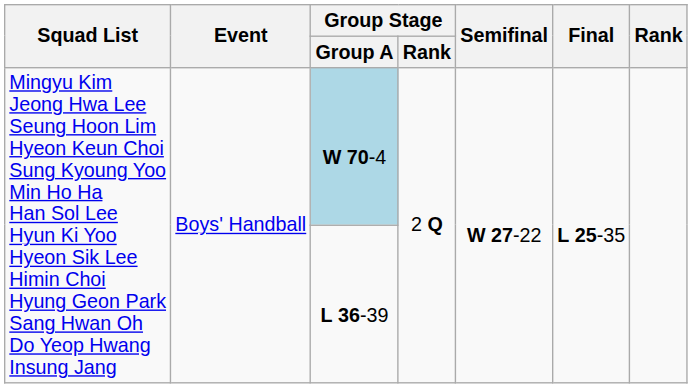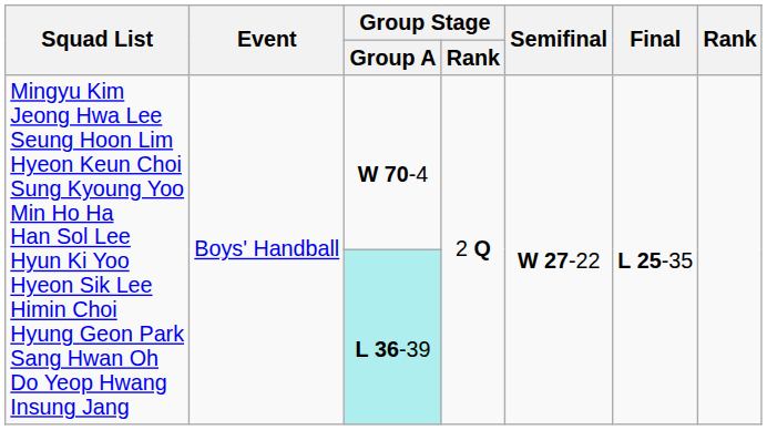 <table class=wikitable style="font-size:90%">
 <tr>
 <th rowspan=2>Squad List</th>
 <th rowspan=2>Event</th>
 <th colspan=2>Group Stage</th>
 <th rowspan=2>Semifinal</th>
 <th rowspan=2>Final</th>
 <th rowspan=2>Rank</th>
 </tr>
 <tr>
 <th>Group A</th>
 <th>Rank</th>
 </tr>
 <tr>
 <td rowspan=2><a href='#'>Mingyu Kim</a><br><a href='#'>Jeong Hwa Lee</a><br><a href='#'>Seung Hoon Lim</a><br><a href='#'>Hyeon Keun Choi</a><br><a href='#'>Sung Kyoung Yoo</a><br><a href='#'>Min Ho Ha</a><br><a href='#'>Han Sol Lee</a><br><a href='#'>Hyun Ki Yoo</a><br><a href='#'>Hyeon Sik Lee</a><br><a href='#'>Himin Choi</a><br><a href='#'>Hyung Geon Park</a><br><a href='#'>Sang Hwan Oh</a><br><a href='#'>Do Yeop Hwang</a><br><a href='#'>Insung Jang</a></td>
 <td rowspan=2><a href='#'>Boys' Handball</a></td>
-<td align=center style="background: lightblue;"><br> <strong>W</strong> <strong>70</strong>-4</td>
+<td align=center><br> <strong>W</strong> <strong>70</strong>-4</td>
 <td rowspan=2 align=center>2 <strong>Q</strong></td>
 <td rowspan=2 align=center><br> <strong>W</strong> <strong>27</strong>-22</td>
 <td rowspan=2 align=center><br> <strong>L</strong> <strong>25</strong>-35</td>
 <td rowspan=2 align=center></td>
 </tr>
 <tr>
-<td align=center><br> <strong>L</strong> <strong>36</strong>-39</td>
+<td align=center style="background: paleturquoise;"><br> <strong>L</strong> <strong>36</strong>-39</td>
 </tr>
 </table>
